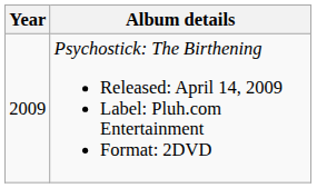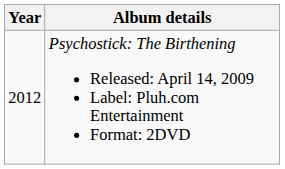 <table class="wikitable">
 <tr>
 <th>Year</th>
 <th width="220">Album details</th>
 </tr>
 <tr>
-<td>2009</td>
+<td>2012</td>
 <td><em>Psychostick: The Birthening</em><br><ul><li>Released: April 14, 2009</li><li>Label: Pluh.com Entertainment</li><li>Format: 2DVD</li></ul></td>
 </tr>
 </table>
